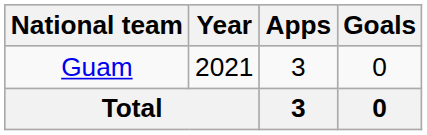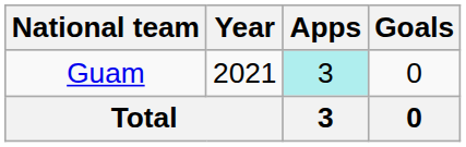 <table class="wikitable" style="text-align:center">
 <tr>
 <th>National team</th>
 <th>Year</th>
 <th>Apps</th>
 <th>Goals</th>
 </tr>
 <tr>
 <td rowspan="1"><a href='#'>Guam</a></td>
 <td>2021</td>
-<td>3</td>
+<td style="background: paleturquoise;">3</td>
 <td>0</td>
 </tr>
 <tr>
 <th colspan=2>Total</th>
 <th>3</th>
 <th>0</th>
 </tr>
 </table>
